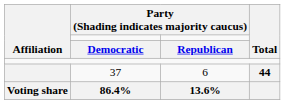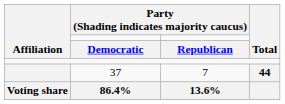 <table class=wikitable style="text-align:center">
 <tr style="vertical-align:bottom;">
 <th rowspan=3>Affiliation</th>
 <th colspan=2>Party <div>(Shading indicates majority caucus)</div></th>
 <th rowspan=3>Total</th>
 </tr>
 <tr style="height:5px">
 <td style="background-color:"></td>
 <td style="background-color:"></td>
 </tr>
 <tr>
 <th><a href='#'>Democratic</a></th>
 <th><a href='#'>Republican</a></th>
 </tr>
 <tr>
 <td colspan=5></td>
 </tr>
 <tr>
 <th nowrap style="font-size:80%"></th>
 <td>37</td>
-<td>6</td>
+<td>7</td>
 <th>44</th>
 </tr>
 <tr>
 <th>Voting share</th>
 <th>86.4%</th>
 <th>13.6% </th>
 <th colspan=2></th>
 </tr>
 </table>
